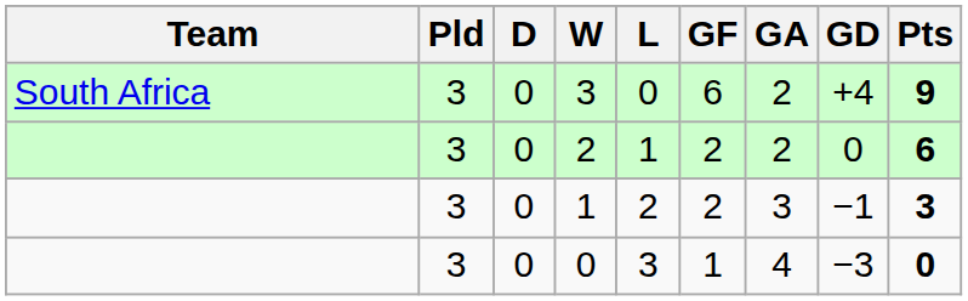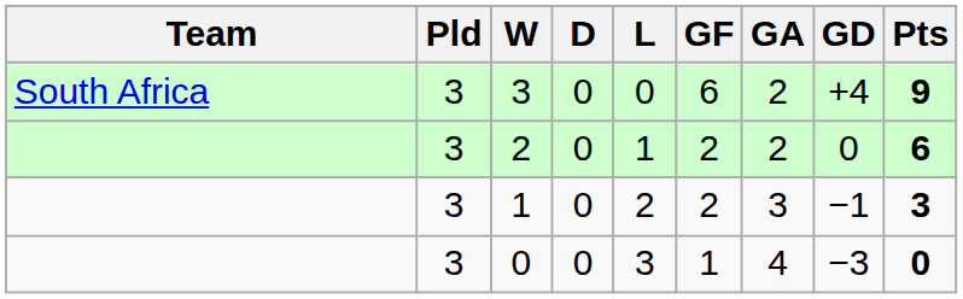 <table class="wikitable" style="text-align: center;">
 <tr>
 <th width="175">Team</th>
 <th width="20">Pld</th>
+<th width="20">W</th>
 <th width="20">D</th>
-<th width="20">W</th>
 <th width="20">L</th>
 <th width="20">GF</th>
 <th width="20">GA</th>
 <th width="20">GD</th>
 <th width="20">Pts</th>
 </tr>
 <tr bgcolor=#ccffcc>
 <td align=left> <a href='#'>South Africa</a></td>
 <td>3</td>
+<td>3</td>
 <td>0</td>
-<td>3</td>
 <td>0</td>
 <td>6</td>
 <td>2</td>
 <td>+4</td>
 <td><strong>9</strong></td>
 </tr>
 <tr bgcolor=#ccffcc>
 <td align=left></td>
 <td>3</td>
+<td>2</td>
 <td>0</td>
-<td>2</td>
 <td>1</td>
 <td>2</td>
 <td>2</td>
 <td>0</td>
 <td><strong>6</strong></td>
 </tr>
 <tr>
 <td align=left></td>
 <td>3</td>
+<td>1</td>
 <td>0</td>
-<td>1</td>
 <td>2</td>
 <td>2</td>
 <td>3</td>
 <td>−1</td>
 <td><strong>3</strong></td>
 </tr>
 <tr>
 <td align=left></td>
 <td>3</td>
 <td>0</td>
 <td>0</td>
 <td>3</td>
 <td>1</td>
 <td>4</td>
 <td>−3</td>
 <td><strong>0</strong></td>
 </tr>
 </table>
